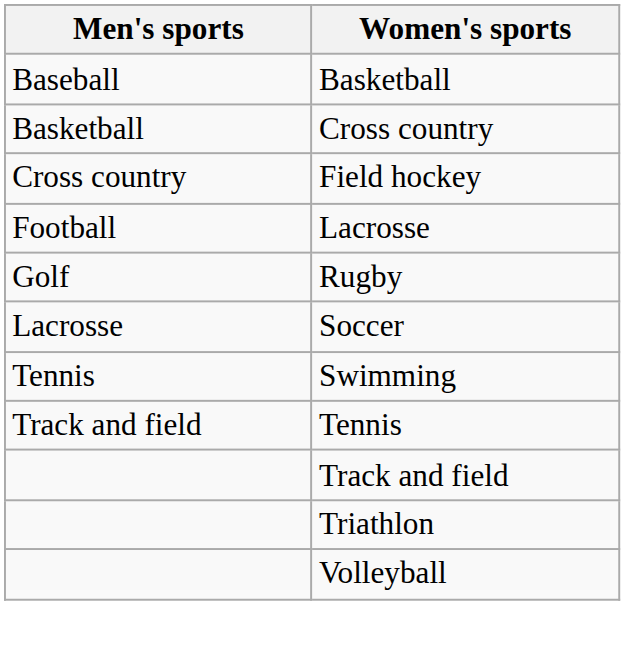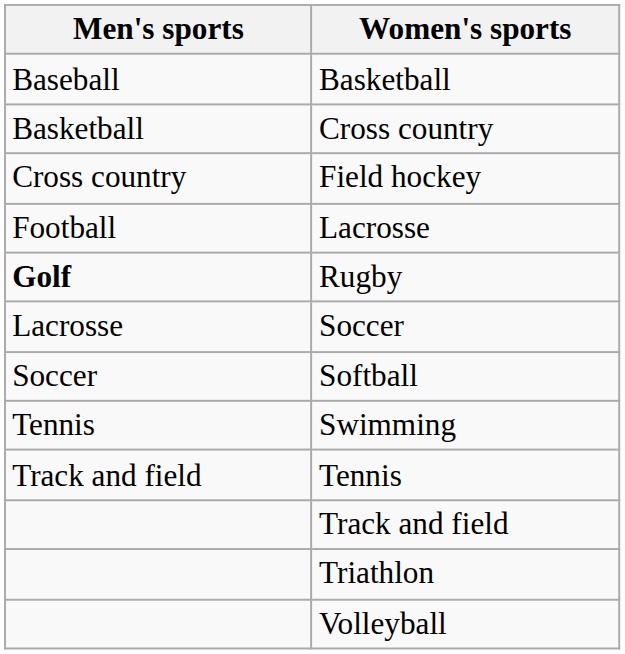 <table class="wikitable"; style=" ">
 <tr>
 <th width=150px>Men's sports</th>
 <th width=150px>Women's sports</th>
 </tr>
 <tr>
 <td>Baseball</td>
 <td>Basketball</td>
 </tr>
 <tr>
 <td>Basketball</td>
 <td>Cross country</td>
 </tr>
 <tr>
 <td>Cross country</td>
 <td>Field hockey</td>
 </tr>
 <tr>
 <td>Football</td>
 <td>Lacrosse</td>
 </tr>
 <tr>
-<td>Golf</td>
+<td><strong>Golf</strong></td>
 <td>Rugby</td>
 </tr>
 <tr>
 <td>Lacrosse</td>
 <td>Soccer</td>
+</tr>
+<tr>
+<td>Soccer</td>
+<td>Softball</td>
 </tr>
 <tr>
 <td>Tennis</td>
 <td>Swimming</td>
 </tr>
 <tr>
 <td>Track and field</td>
 <td>Tennis</td>
 </tr>
 <tr>
 <td></td>
 <td>Track and field</td>
 </tr>
 <tr>
 <td></td>
 <td>Triathlon</td>
 </tr>
 <tr>
 <td></td>
 <td>Volleyball</td>
 </tr>
 </table>
